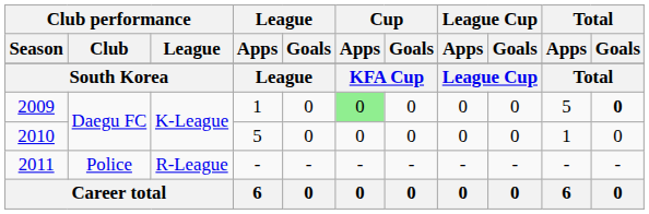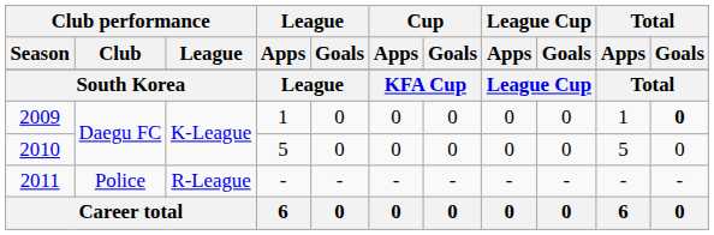 <table class="wikitable" style="text-align:center">
 <tr>
 <th colspan=3>Club performance</th>
 <th colspan=2>League</th>
 <th colspan=2>Cup</th>
 <th colspan=2>League Cup</th>
 <th colspan=2>Total</th>
 </tr>
 <tr>
 <th>Season</th>
 <th>Club</th>
 <th>League</th>
 <th>Apps</th>
 <th>Goals</th>
 <th>Apps</th>
 <th>Goals</th>
 <th>Apps</th>
 <th>Goals</th>
 <th>Apps</th>
 <th>Goals</th>
 </tr>
 <tr>
 </tr>
 <tr>
 <th colspan=3>South Korea</th>
 <th colspan=2>League</th>
 <th colspan=2><a href='#'>KFA Cup</a></th>
 <th colspan=2><a href='#'>League Cup</a></th>
 <th colspan=2>Total</th>
 </tr>
 <tr>
 <td><a href='#'>2009</a></td>
 <td rowspan="2"><a href='#'>Daegu FC</a></td>
 <td rowspan="2"><a href='#'>K-League</a></td>
 <td>1</td>
 <td>0</td>
-<td style="background: lightgreen;">0</td>
 <td>0</td>
 <td>0</td>
 <td>0</td>
-<td>5</td>
+<td>0</td>
+<td>1</td>
 <td><strong>0</strong></td>
 </tr>
 <tr>
 <td><a href='#'>2010</a></td>
 <td>5</td>
 <td>0</td>
 <td>0</td>
 <td>0</td>
 <td>0</td>
 <td>0</td>
-<td>1</td>
+<td>5</td>
 <td>0</td>
 </tr>
 <tr>
 <td><a href='#'>2011</a></td>
 <td rowspan="1"><a href='#'>Police</a></td>
 <td rowspan="1"><a href='#'>R-League</a></td>
 <td>-</td>
 <td>-</td>
 <td>-</td>
 <td>-</td>
 <td>-</td>
 <td>-</td>
 <td>-</td>
 <td>-</td>
 </tr>
 <tr>
 <th colspan=3>Career total</th>
 <th>6</th>
 <th>0</th>
 <th>0</th>
 <th>0</th>
 <th>0</th>
 <th>0</th>
 <th>6</th>
 <th>0</th>
 </tr>
 </table>
